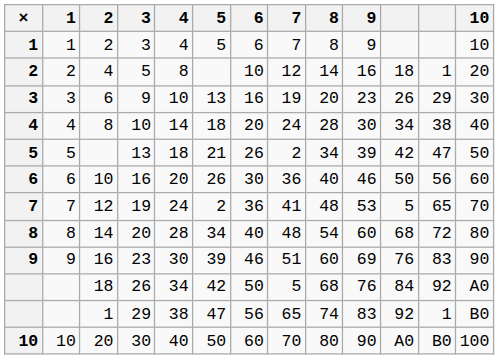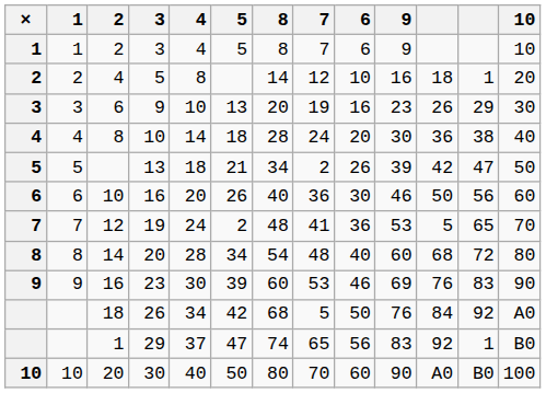 <table class="wikitable" style="text-align: right;">
 <tr>
 <th style="width:7.69%">×</th>
 <th style="text-align: right; width:7.69%">1</th>
 <th style="text-align: right; width:7.69%">2</th>
 <th style="text-align: right; width:7.69%">3</th>
 <th style="text-align: right; width:7.69%">4</th>
 <th style="text-align: right; width:7.69%">5</th>
+<th style="text-align: right; width:7.69%">8</th>
+<th style="text-align: right; width:7.69%">7</th>
 <th style="text-align: right; width:7.69%">6</th>
-<th style="text-align: right; width:7.69%">7</th>
-<th style="text-align: right; width:7.69%">8</th>
 <th style="text-align: right; width:7.69%">9</th>
 <th style="text-align: right; width:7.69%"></th>
 <th style="text-align: right; width:7.69%"></th>
 <th style="text-align: right; width:7.69%">10</th>
 </tr>
 <tr>
 <th style="text-align: right; width:7.69%">1</th>
 <td>1</td>
 <td>2</td>
 <td>3</td>
 <td>4</td>
 <td>5</td>
+<td>8</td>
+<td>7</td>
 <td>6</td>
-<td>7</td>
-<td>8</td>
 <td>9</td>
 <td></td>
 <td></td>
 <td>10</td>
 </tr>
 <tr>
 <th style="text-align: right;">2</th>
 <td>2</td>
 <td>4</td>
 <td>5</td>
 <td>8</td>
 <td></td>
+<td>14</td>
+<td>12</td>
 <td>10</td>
-<td>12</td>
-<td>14</td>
 <td>16</td>
 <td>18</td>
 <td>1</td>
 <td>20</td>
 </tr>
 <tr>
 <th style="text-align: right;">3</th>
 <td>3</td>
 <td>6</td>
 <td>9</td>
 <td>10</td>
 <td>13</td>
+<td>20</td>
+<td>19</td>
 <td>16</td>
-<td>19</td>
-<td>20</td>
 <td>23</td>
 <td>26</td>
 <td>29</td>
 <td>30</td>
 </tr>
 <tr>
 <th style="text-align: right;">4</th>
 <td>4</td>
 <td>8</td>
 <td>10</td>
 <td>14</td>
 <td>18</td>
+<td>28</td>
+<td>24</td>
 <td>20</td>
-<td>24</td>
-<td>28</td>
 <td>30</td>
-<td>34</td>
+<td>36</td>
 <td>38</td>
 <td>40</td>
 </tr>
 <tr>
 <th style="text-align: right;">5</th>
 <td>5</td>
 <td></td>
 <td>13</td>
 <td>18</td>
 <td>21</td>
+<td>34</td>
+<td>2</td>
 <td>26</td>
-<td>2</td>
-<td>34</td>
 <td>39</td>
 <td>42</td>
 <td>47</td>
 <td>50</td>
 </tr>
 <tr>
 <th style="text-align: right;">6</th>
 <td>6</td>
 <td>10</td>
 <td>16</td>
 <td>20</td>
 <td>26</td>
+<td>40</td>
+<td>36</td>
 <td>30</td>
-<td>36</td>
-<td>40</td>
 <td>46</td>
 <td>50</td>
 <td>56</td>
 <td>60</td>
 </tr>
 <tr>
 <th style="text-align: right;">7</th>
 <td>7</td>
 <td>12</td>
 <td>19</td>
 <td>24</td>
 <td>2</td>
+<td>48</td>
+<td>41</td>
 <td>36</td>
-<td>41</td>
-<td>48</td>
 <td>53</td>
 <td>5</td>
 <td>65</td>
 <td>70</td>
 </tr>
 <tr>
 <th style="text-align: right;">8</th>
 <td>8</td>
 <td>14</td>
 <td>20</td>
 <td>28</td>
 <td>34</td>
+<td>54</td>
+<td>48</td>
 <td>40</td>
-<td>48</td>
-<td>54</td>
 <td>60</td>
 <td>68</td>
 <td>72</td>
 <td>80</td>
 </tr>
 <tr>
 <th style="text-align: right;">9</th>
 <td>9</td>
 <td>16</td>
 <td>23</td>
 <td>30</td>
 <td>39</td>
+<td>60</td>
+<td>53</td>
 <td>46</td>
-<td>51</td>
-<td>60</td>
 <td>69</td>
 <td>76</td>
 <td>83</td>
 <td>90</td>
 </tr>
 <tr>
 <th style="text-align: right;"></th>
 <td></td>
 <td>18</td>
 <td>26</td>
 <td>34</td>
 <td>42</td>
+<td>68</td>
+<td>5</td>
 <td>50</td>
-<td>5</td>
-<td>68</td>
 <td>76</td>
 <td>84</td>
 <td>92</td>
 <td>A0</td>
 </tr>
 <tr>
 <th style="text-align: right;"></th>
 <td></td>
 <td>1</td>
 <td>29</td>
-<td>38</td>
+<td>37</td>
 <td>47</td>
+<td>74</td>
+<td>65</td>
 <td>56</td>
-<td>65</td>
-<td>74</td>
 <td>83</td>
 <td>92</td>
 <td>1</td>
 <td>B0</td>
 </tr>
 <tr>
 <th style="text-align: right;">10</th>
 <td>10</td>
 <td>20</td>
 <td>30</td>
 <td>40</td>
 <td>50</td>
+<td>80</td>
+<td>70</td>
 <td>60</td>
-<td>70</td>
-<td>80</td>
 <td>90</td>
 <td>A0</td>
 <td>B0</td>
 <td>100</td>
 </tr>
 </table>
